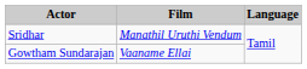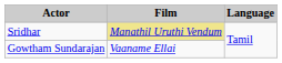 <table class="wikitable">
 <tr>
 <th style="background:#ccc;">Actor</th>
 <th style="background:#ccc;">Film</th>
 <th style="background:#ccc;">Language</th>
 </tr>
 <tr>
 <td><a href='#'>Sridhar</a></td>
-<td><em><a href='#'>Manathil Uruthi Vendum</a></em></td>
+<td style="background: khaki;"><em><a href='#'>Manathil Uruthi Vendum</a></em></td>
 <td rowspan=2><a href='#'>Tamil</a></td>
 </tr>
 <tr>
 <td><a href='#'>Gowtham Sundarajan</a></td>
 <td><em><a href='#'>Vaaname Ellai</a></em></td>
 </tr>
 </table>
